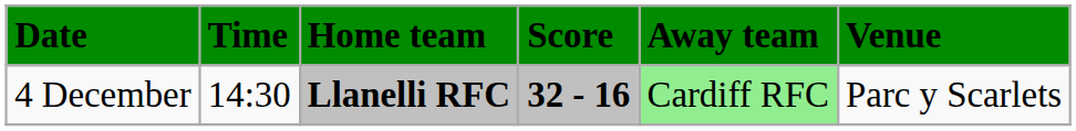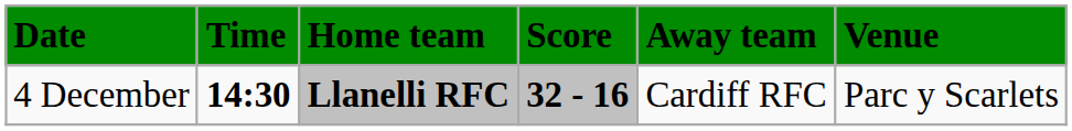 <table class="wikitable" style="margin:0.5em auto; font-size:95%">
 <tr bgcolor="#008B00">
 <td><strong>Date</strong></td>
 <td><strong>Time</strong></td>
 <td><strong>Home team</strong></td>
 <td><strong>Score</strong></td>
 <td><strong>Away team</strong></td>
 <td><strong>Venue</strong></td>
 </tr>
 <tr>
 <td>4 December</td>
-<td>14:30</td>
+<td><strong>14:30</strong></td>
 <td bgcolor="silver"><strong>Llanelli RFC</strong></td>
 <td bgcolor="silver"><strong>32 - 16</strong></td>
-<td style="background: lightgreen;">Cardiff RFC</td>
+<td>Cardiff RFC</td>
 <td>Parc y Scarlets</td>
 </tr>
 <tr>
 </tr>
 </table>
